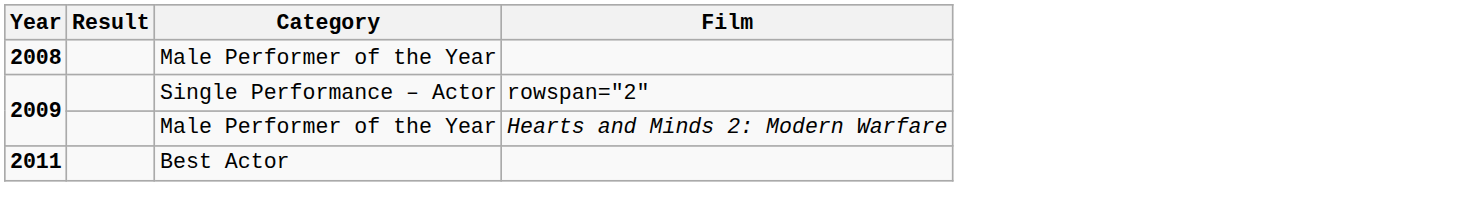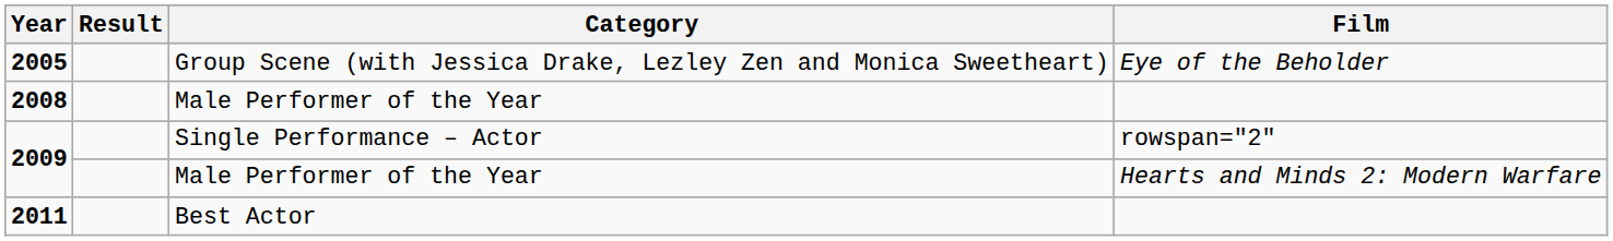 <table class="wikitable">
 <tr>
 <th>Year</th>
 <th>Result</th>
 <th>Category</th>
 <th>Film</th>
+</tr>
+<tr>
+<td><strong>2005</strong></td>
+<td></td>
+<td>Group Scene (with Jessica Drake, Lezley Zen and Monica Sweetheart)</td>
+<td><em>Eye of the Beholder</em></td>
 </tr>
 <tr>
 <td><strong>2008</strong></td>
 <td></td>
 <td>Male Performer of the Year</td>
 <td></td>
 </tr>
 <tr>
 <td rowspan="2"><strong>2009</strong></td>
 <td></td>
 <td>Single Performance – Actor</td>
 <td>rowspan="2" </td>
 </tr>
 <tr>
 <td></td>
 <td>Male Performer of the Year</td>
 <td><em>Hearts and Minds 2: Modern Warfare</em></td>
 </tr>
 <tr>
 <td><strong>2011</strong></td>
 <td></td>
 <td>Best Actor</td>
 </tr>
 </table>
